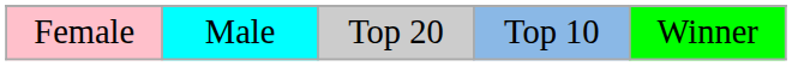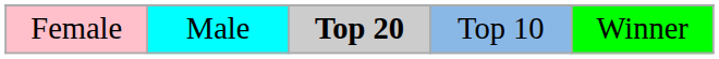 <table class="wikitable" style="margin:1em auto; text-align:center;">
 <tr>
 </tr>
 <tr>
 <td style="background:pink;" width="15%">Female</td>
 <td style="background:cyan;" width="15%">Male</td>
-<td style="background:#CCCCCC;" width="15%">Top 20</td>
+<td style="background:#CCCCCC;" width="15%"><strong>Top 20</strong></td>
 <td style="background:#8AB8E6" width="15%">Top 10</td>
 <td style="background:lime;" width="15%">Winner</td>
 </tr>
 </table>
